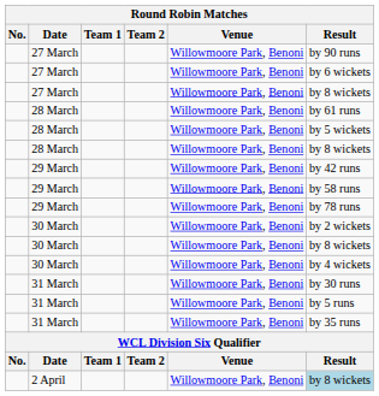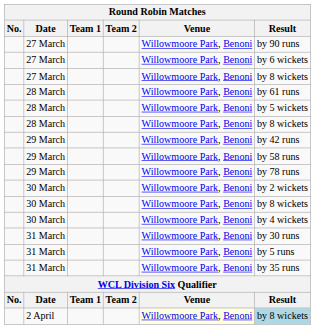 <table class="wikitable">
 <tr>
 <th colspan="8">Round Robin Matches</th>
 </tr>
 <tr>
 <th>No.</th>
 <th>Date</th>
 <th>Team 1</th>
 <th>Team 2</th>
 <th>Venue</th>
 <th>Result</th>
 </tr>
 <tr>
 <td></td>
 <td>27 March</td>
 <td></td>
 <td></td>
 <td><a href='#'>Willowmoore Park</a>, <a href='#'>Benoni</a></td>
 <td> by 90 runs</td>
 </tr>
 <tr>
 <td></td>
 <td>27 March</td>
 <td></td>
 <td></td>
 <td><a href='#'>Willowmoore Park</a>, <a href='#'>Benoni</a></td>
 <td> by 6 wickets</td>
 </tr>
 <tr>
 <td></td>
 <td>27 March</td>
 <td></td>
 <td></td>
 <td><a href='#'>Willowmoore Park</a>, <a href='#'>Benoni</a></td>
 <td> by 8 wickets</td>
 </tr>
 <tr>
 <td></td>
 <td>28 March</td>
 <td></td>
 <td></td>
 <td><a href='#'>Willowmoore Park</a>, <a href='#'>Benoni</a></td>
 <td> by 61 runs</td>
 </tr>
 <tr>
 <td></td>
 <td>28 March</td>
 <td></td>
 <td></td>
 <td><a href='#'>Willowmoore Park</a>, <a href='#'>Benoni</a></td>
 <td> by 5 wickets</td>
 </tr>
 <tr>
 <td></td>
 <td>28 March</td>
 <td></td>
 <td></td>
 <td><a href='#'>Willowmoore Park</a>, <a href='#'>Benoni</a></td>
 <td> by 8 wickets</td>
 </tr>
 <tr>
 <td></td>
 <td>29 March</td>
 <td></td>
 <td></td>
 <td><a href='#'>Willowmoore Park</a>, <a href='#'>Benoni</a></td>
 <td> by 42 runs</td>
 </tr>
 <tr>
 <td></td>
 <td>29 March</td>
 <td></td>
 <td></td>
 <td><a href='#'>Willowmoore Park</a>, <a href='#'>Benoni</a></td>
 <td> by 58 runs</td>
 </tr>
 <tr>
 <td></td>
 <td>29 March</td>
 <td></td>
 <td></td>
 <td><a href='#'>Willowmoore Park</a>, <a href='#'>Benoni</a></td>
 <td> by 78 runs</td>
 </tr>
 <tr>
 <td></td>
 <td>30 March</td>
 <td></td>
 <td></td>
 <td><a href='#'>Willowmoore Park</a>, <a href='#'>Benoni</a></td>
 <td> by 2 wickets</td>
 </tr>
 <tr>
 <td></td>
 <td>30 March</td>
 <td></td>
 <td></td>
 <td><a href='#'>Willowmoore Park</a>, <a href='#'>Benoni</a></td>
 <td> by 8 wickets</td>
 </tr>
 <tr>
 <td></td>
 <td>30 March</td>
 <td></td>
 <td></td>
 <td><a href='#'>Willowmoore Park</a>, <a href='#'>Benoni</a></td>
 <td> by 4 wickets</td>
 </tr>
 <tr>
 <td></td>
 <td>31 March</td>
 <td></td>
 <td></td>
 <td><a href='#'>Willowmoore Park</a>, <a href='#'>Benoni</a></td>
 <td> by 30 runs</td>
 </tr>
 <tr>
 <td></td>
 <td>31 March</td>
 <td></td>
 <td></td>
 <td><a href='#'>Willowmoore Park</a>, <a href='#'>Benoni</a></td>
 <td> by 5 runs</td>
 </tr>
 <tr>
 <td></td>
 <td>31 March</td>
 <td></td>
 <td></td>
 <td><a href='#'>Willowmoore Park</a>, <a href='#'>Benoni</a></td>
 <td> by 35 runs</td>
 </tr>
 <tr>
 <th colspan="8"><a href='#'>WCL Division Six</a> Qualifier</th>
 </tr>
 <tr>
 <th>No.</th>
 <th>Date</th>
 <th>Team 1</th>
 <th>Team 2</th>
 <th>Venue</th>
 <th>Result</th>
 </tr>
 <tr>
 <td></td>
 <td>2 April</td>
 <td></td>
 <td></td>
-<td><a href='#'>Willowmoore Park</a>, <a href='#'>Benoni</a></td>
+<td style="background: lightyellow;"><a href='#'>Willowmoore Park</a>, <a href='#'>Benoni</a></td>
 <td style="background: lightblue;"> by 8 wickets</td>
 </tr>
 </table>
